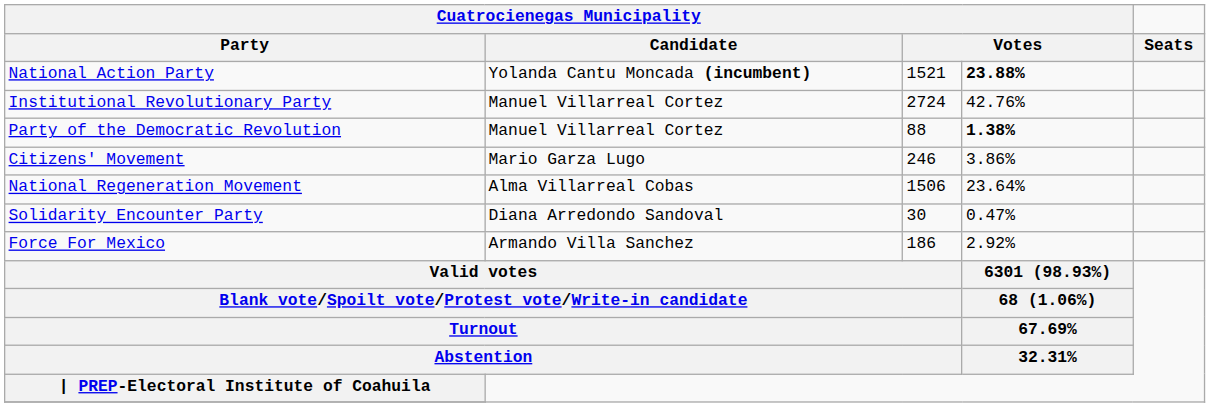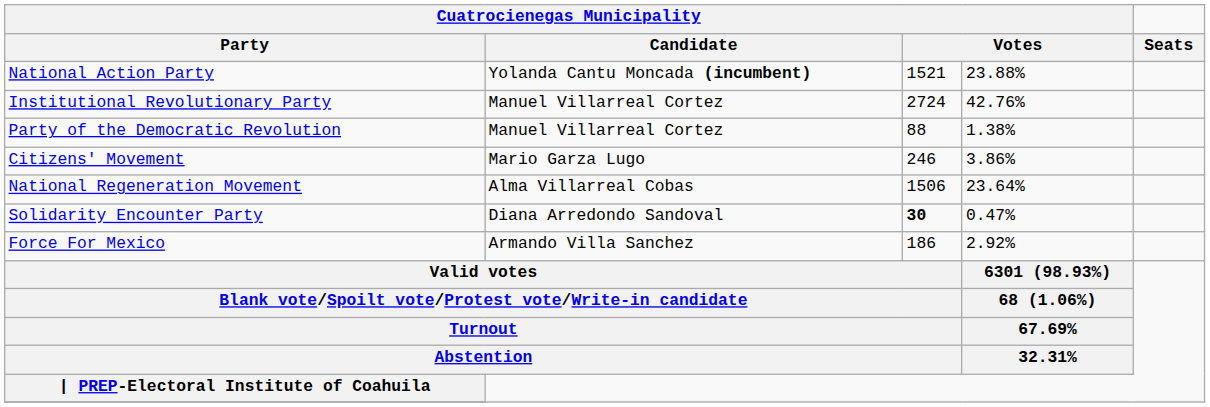 <table class="wikitable collapsible collapsed" style="font-size:95%; width:72%; line-height:126%; margin-bottom:0">
 <tr>
 <th Colspan = 4> <strong><a href='#'>Cuatrocienegas Municipality</a></strong></th>
 </tr>
 <tr style="background:#efefef;">
 <th Colspan = 1><strong>Party</strong></th>
 <th Colspan = 1><strong>Candidate</strong></th>
 <th Colspan = 2><strong>Votes</strong></th>
 <th Colspan = 1><strong>Seats</strong></th>
 </tr>
 <tr>
 <td> <a href='#'>National Action Party</a></td>
 <td>Yolanda Cantu Moncada <strong>(incumbent)</strong></td>
 <td>1521</td>
-<td><strong>23.88%</strong></td>
+<td>23.88%</td>
 <td></td>
 </tr>
 <tr>
 <td> <a href='#'>Institutional Revolutionary Party</a></td>
 <td>Manuel Villarreal Cortez</td>
 <td>2724</td>
 <td>42.76%</td>
 <td></td>
 </tr>
 <tr>
 <td> <a href='#'>Party of the Democratic Revolution</a></td>
 <td>Manuel Villarreal Cortez</td>
 <td>88</td>
-<td><strong>1.38%</strong></td>
+<td>1.38%</td>
 <td></td>
 </tr>
 <tr>
 <td> <a href='#'>Citizens' Movement</a></td>
 <td>Mario Garza Lugo</td>
 <td>246</td>
 <td>3.86%</td>
 <td></td>
 </tr>
 <tr>
 <td> <a href='#'>National Regeneration Movement</a></td>
 <td>Alma Villarreal Cobas</td>
 <td>1506</td>
 <td>23.64%</td>
 <td></td>
 </tr>
 <tr>
 <td> <a href='#'>Solidarity Encounter Party</a></td>
 <td>Diana Arredondo Sandoval</td>
-<td>30</td>
+<td><strong>30</strong></td>
 <td>0.47%</td>
 <td></td>
 </tr>
 <tr>
 <td><a href='#'>Force For Mexico</a></td>
 <td>Armando Villa Sanchez</td>
 <td>186</td>
 <td>2.92%</td>
 <td></td>
 </tr>
 <tr>
 <th Colspan = 3><strong>Valid votes</strong></th>
 <th>6301 (98.93%)</th>
 </tr>
 <tr>
 <th Colspan = 3><strong><a href='#'>Blank vote</a>/<a href='#'>Spoilt vote</a>/<a href='#'>Protest vote</a>/<a href='#'>Write-in candidate</a></strong></th>
 <th>68 (1.06%)</th>
 </tr>
 <tr>
 <th Colspan = 3><strong><a href='#'>Turnout</a></strong></th>
 <th>67.69%</th>
 </tr>
 <tr>
 <th Colspan = 3><strong><a href='#'>Abstention</a></strong></th>
 <th>32.31%</th>
 </tr>
 <tr>
 <th Colspan =>| <a href='#'>PREP</a>-Electoral Institute of Coahuila</th>
 </tr>
 <tr>
 </tr>
 </table>
